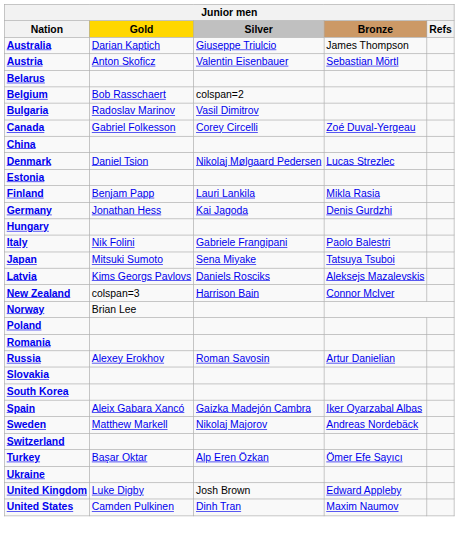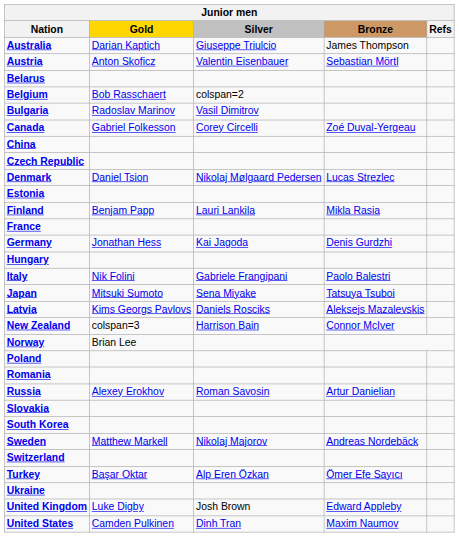 <table class="wikitable">
 <tr>
 <th colspan=5>Junior men</th>
 </tr>
 <tr>
 <th>Nation</th>
 <td style="text-align:center; background:gold;"><strong>Gold</strong></td>
 <td style="text-align:center; background:silver;"><strong>Silver</strong></td>
 <td style="text-align:center; background:#c96;"><strong>Bronze</strong></td>
 <th>Refs</th>
 </tr>
 <tr>
 <td><strong><a href='#'>Australia</a></strong></td>
 <td><a href='#'>Darian Kaptich</a></td>
 <td><a href='#'>Giuseppe Triulcio</a></td>
 <td>James Thompson</td>
 <td></td>
 </tr>
 <tr>
 <td><strong><a href='#'>Austria</a></strong></td>
 <td><a href='#'>Anton Skoficz</a></td>
 <td><a href='#'>Valentin Eisenbauer</a></td>
 <td><a href='#'>Sebastian Mörtl</a></td>
 <td></td>
 </tr>
 <tr>
 <td><strong><a href='#'>Belarus</a></strong></td>
 <td></td>
 <td></td>
 <td></td>
 <td></td>
 </tr>
 <tr>
 <td><strong><a href='#'>Belgium</a></strong></td>
 <td><a href='#'>Bob Rasschaert</a></td>
 <td>colspan=2 </td>
 <td></td>
 </tr>
 <tr>
 <td><strong><a href='#'>Bulgaria</a></strong></td>
 <td><a href='#'>Radoslav Marinov</a></td>
 <td><a href='#'>Vasil Dimitrov</a></td>
 <td></td>
 <td></td>
 </tr>
 <tr>
 <td><strong><a href='#'>Canada</a></strong></td>
 <td><a href='#'>Gabriel Folkesson</a></td>
 <td><a href='#'>Corey Circelli</a></td>
 <td><a href='#'>Zoé Duval-Yergeau</a></td>
 <td></td>
 </tr>
 <tr>
 <td><strong><a href='#'>China</a></strong></td>
 <td></td>
 <td></td>
 <td></td>
 <td></td>
 </tr>
 <tr>
+<td><strong><a href='#'>Czech Republic</a></strong></td>
+<td></td>
+<td></td>
+<td></td>
+<td></td>
+</tr>
+<tr>
 <td><strong><a href='#'>Denmark</a></strong></td>
 <td><a href='#'>Daniel Tsion</a></td>
 <td><a href='#'>Nikolaj Mølgaard Pedersen</a></td>
 <td><a href='#'>Lucas Strezlec</a></td>
 <td></td>
 </tr>
 <tr>
 <td><strong><a href='#'>Estonia</a></strong></td>
 <td></td>
 <td></td>
 <td></td>
 <td></td>
 </tr>
 <tr>
 <td><strong><a href='#'>Finland</a></strong></td>
 <td><a href='#'>Benjam Papp</a></td>
 <td><a href='#'>Lauri Lankila</a></td>
 <td><a href='#'>Mikla Rasia</a></td>
+<td></td>
+</tr>
+<tr>
+<td><strong><a href='#'>France</a></strong></td>
+<td></td>
+<td></td>
+<td></td>
 <td></td>
 </tr>
 <tr>
 <td><strong><a href='#'>Germany</a></strong></td>
 <td><a href='#'>Jonathan Hess</a></td>
 <td><a href='#'>Kai Jagoda</a></td>
 <td><a href='#'>Denis Gurdzhi</a></td>
 <td></td>
 </tr>
 <tr>
 <td><strong><a href='#'>Hungary</a></strong></td>
 <td></td>
 <td></td>
 <td></td>
 <td></td>
 </tr>
 <tr>
 <td><strong><a href='#'>Italy</a></strong></td>
 <td><a href='#'>Nik Folini</a></td>
 <td><a href='#'>Gabriele Frangipani</a></td>
 <td><a href='#'>Paolo Balestri</a></td>
 <td></td>
 </tr>
 <tr>
 <td><strong><a href='#'>Japan</a></strong></td>
 <td><a href='#'>Mitsuki Sumoto</a></td>
 <td><a href='#'>Sena Miyake</a></td>
 <td><a href='#'>Tatsuya Tsuboi</a></td>
 <td></td>
 </tr>
 <tr>
 <td><strong><a href='#'>Latvia</a></strong></td>
 <td><a href='#'>Kims Georgs Pavlovs</a></td>
 <td><a href='#'>Daniels Rosciks</a></td>
 <td><a href='#'>Aleksejs Mazalevskis</a></td>
 <td></td>
 </tr>
 <tr>
 <td><strong><a href='#'>New Zealand</a></strong></td>
 <td>colspan=3 </td>
 <td><a href='#'>Harrison Bain</a></td>
 <td><a href='#'>Connor McIver</a></td>
 <td></td>
 </tr>
 <tr>
 <td><strong><a href='#'>Norway</a></strong></td>
 <td>Brian Lee</td>
 <td></td>
 </tr>
 <tr>
 <td><strong><a href='#'>Poland</a></strong></td>
 <td></td>
 <td></td>
 <td></td>
 <td></td>
 </tr>
 <tr>
 <td><strong><a href='#'>Romania</a></strong></td>
 <td></td>
 <td></td>
 <td></td>
 <td></td>
 </tr>
 <tr>
 <td><strong><a href='#'>Russia</a></strong></td>
 <td><a href='#'>Alexey Erokhov</a></td>
 <td><a href='#'>Roman Savosin</a></td>
 <td><a href='#'>Artur Danielian</a></td>
 <td></td>
 </tr>
 <tr>
 <td><strong><a href='#'>Slovakia</a></strong></td>
 <td></td>
 <td></td>
 <td></td>
 <td></td>
 </tr>
 <tr>
 <td><strong><a href='#'>South Korea</a></strong></td>
 <td></td>
 <td></td>
 <td></td>
 <td></td>
 </tr>
 <tr>
-<td><strong><a href='#'>Spain</a></strong></td>
-<td><a href='#'>Aleix Gabara Xancó</a></td>
-<td><a href='#'>Gaizka Madejón Cambra</a></td>
-<td><a href='#'>Iker Oyarzabal Albas</a></td>
-<td></td>
-</tr>
-<tr>
 <td><strong><a href='#'>Sweden</a></strong></td>
 <td><a href='#'>Matthew Markell</a></td>
 <td><a href='#'>Nikolaj Majorov</a></td>
 <td><a href='#'>Andreas Nordebäck</a></td>
 <td></td>
 </tr>
 <tr>
 <td><strong><a href='#'>Switzerland</a></strong></td>
 <td></td>
 <td></td>
 <td></td>
 <td></td>
 </tr>
 <tr>
 <td><strong><a href='#'>Turkey</a></strong></td>
 <td><a href='#'>Başar Oktar</a></td>
 <td><a href='#'>Alp Eren Özkan</a></td>
 <td><a href='#'>Ömer Efe Sayıcı</a></td>
 <td></td>
 </tr>
 <tr>
 <td><strong><a href='#'>Ukraine</a></strong></td>
 <td></td>
 <td></td>
 <td></td>
 <td></td>
 </tr>
 <tr>
 <td><strong><a href='#'>United Kingdom</a></strong></td>
 <td><a href='#'>Luke Digby</a></td>
 <td>Josh Brown</td>
 <td><a href='#'>Edward Appleby</a></td>
 <td></td>
 </tr>
 <tr>
 <td><strong><a href='#'>United States</a></strong></td>
 <td><a href='#'>Camden Pulkinen</a></td>
 <td><a href='#'>Dinh Tran</a></td>
 <td><a href='#'>Maxim Naumov</a></td>
 <td></td>
 </tr>
 </table>
